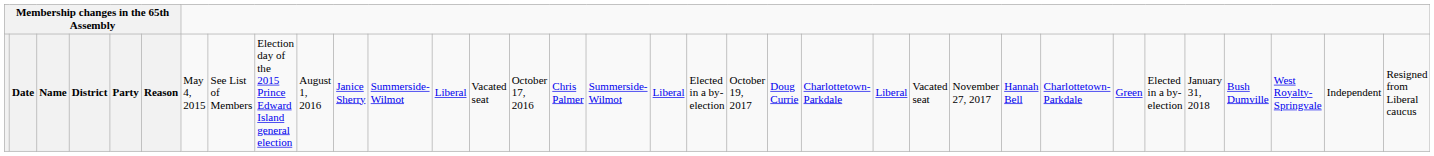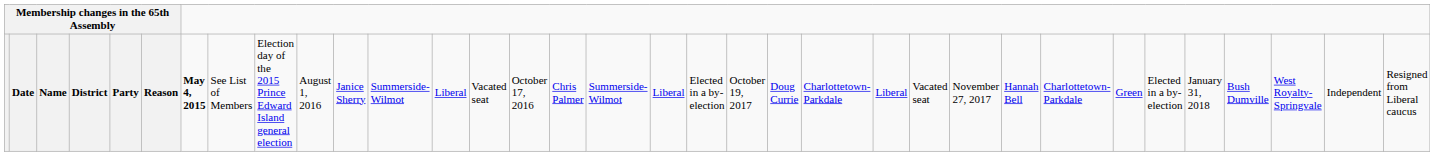 <table class="wikitable">
 <tr>
 <th colspan=6>Membership changes in the 65th Assembly</th>
 </tr>
 <tr>
 <th></th>
 <th>Date</th>
 <th>Name</th>
 <th>District</th>
 <th>Party</th>
 <th>Reason<br></th>
-<td>May 4, 2015</td>
+<td><strong>May 4, 2015</strong></td>
 <td colspan=3>See List of Members</td>
 <td>Election day of the <a href='#'>2015 Prince Edward Island general election</a><br></td>
 <td>August 1, 2016</td>
 <td><a href='#'>Janice Sherry</a></td>
 <td><a href='#'>Summerside-Wilmot</a></td>
 <td><a href='#'>Liberal</a></td>
 <td>Vacated seat<br></td>
 <td>October 17, 2016</td>
 <td><a href='#'>Chris Palmer</a></td>
 <td><a href='#'>Summerside-Wilmot</a></td>
 <td><a href='#'>Liberal</a></td>
 <td>Elected in a by-election<br></td>
 <td>October 19, 2017</td>
 <td><a href='#'>Doug Currie</a></td>
 <td><a href='#'>Charlottetown-Parkdale</a></td>
 <td><a href='#'>Liberal</a></td>
 <td>Vacated seat<br></td>
 <td>November 27, 2017</td>
 <td><a href='#'>Hannah Bell</a></td>
 <td><a href='#'>Charlottetown-Parkdale</a></td>
 <td><a href='#'>Green</a></td>
 <td>Elected in a by-election<br></td>
 <td>January 31, 2018</td>
 <td><a href='#'>Bush Dumville</a></td>
 <td><a href='#'>West Royalty-Springvale</a></td>
 <td>Independent</td>
 <td>Resigned from Liberal caucus</td>
 </tr>
 </table>
